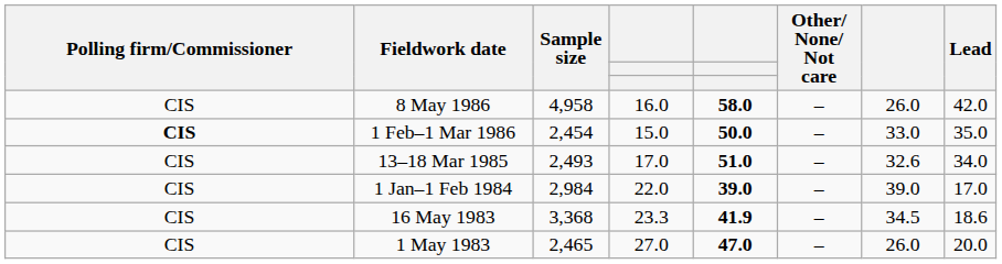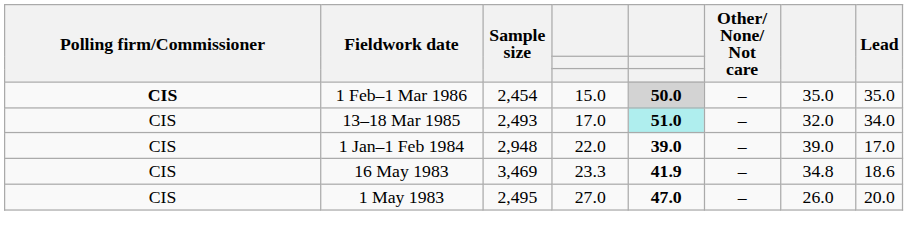 <table class="wikitable collapsible collapsed" style="text-align:center; font-size:90%; line-height:14px;">
 <tr style="height:42px;">
 <th style="width:250px;" rowspan="3">Polling firm/Commissioner</th>
 <th style="width:125px;" rowspan="3">Fieldwork date</th>
 <th style="width:50px;" rowspan="3">Sample size</th>
 <th style="width:55px;"></th>
 <th style="width:55px;"></th>
 <th style="width:55px;" rowspan="3">Other/<br>None/<br>Not<br>care</th>
 <th style="width:55px;" rowspan="3"></th>
 <th style="width:30px;" rowspan="3">Lead</th>
 </tr>
 <tr>
 <th style="color:inherit;background:"></th>
 <th style="color:inherit;background:"></th>
 </tr>
 <tr>
 <th></th>
 <th></th>
 </tr>
 <tr>
-<td>CIS</td>
-<td>8 May 1986</td>
-<td>4,958</td>
-<td>16.0</td>
-<td><strong>58.0</strong></td>
-<td>–</td>
-<td>26.0</td>
-<td style="background:">42.0</td>
-</tr>
-<tr>
 <td><strong>CIS</strong></td>
 <td>1 Feb–1 Mar 1986</td>
 <td>2,454</td>
 <td>15.0</td>
-<td><strong>50.0</strong></td>
+<td style="background: lightgrey;"><strong>50.0</strong></td>
 <td>–</td>
-<td>33.0</td>
+<td>35.0</td>
 <td style="background:">35.0</td>
 </tr>
 <tr>
 <td>CIS</td>
 <td>13–18 Mar 1985</td>
 <td>2,493</td>
 <td>17.0</td>
-<td><strong>51.0</strong></td>
+<td style="background: paleturquoise;"><strong>51.0</strong></td>
 <td>–</td>
-<td>32.6</td>
+<td>32.0</td>
 <td style="background:">34.0</td>
 </tr>
 <tr>
 <td>CIS</td>
 <td>1 Jan–1 Feb 1984</td>
-<td>2,984</td>
+<td>2,948</td>
 <td>22.0</td>
 <td><strong>39.0</strong></td>
 <td>–</td>
 <td>39.0</td>
 <td style="background:">17.0</td>
 </tr>
 <tr>
 <td>CIS</td>
 <td>16 May 1983</td>
-<td>3,368</td>
+<td>3,469</td>
 <td>23.3</td>
 <td><strong>41.9</strong></td>
 <td>–</td>
-<td>34.5</td>
+<td>34.8</td>
 <td style="background:">18.6</td>
 </tr>
 <tr>
 <td>CIS</td>
 <td>1 May 1983</td>
-<td>2,465</td>
+<td>2,495</td>
 <td>27.0</td>
 <td><strong>47.0</strong></td>
 <td>–</td>
 <td>26.0</td>
 <td style="background:">20.0</td>
 </tr>
 </table>
